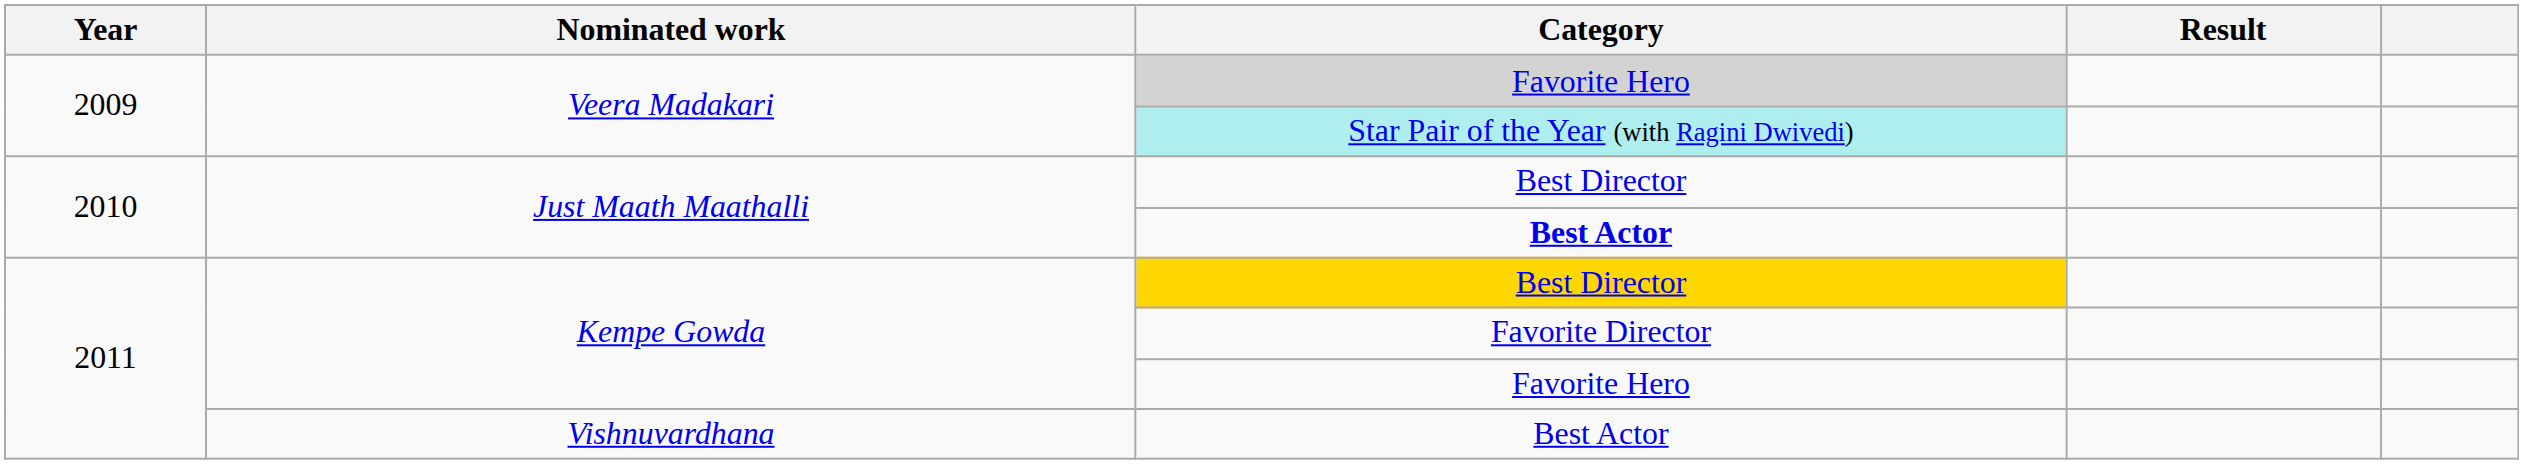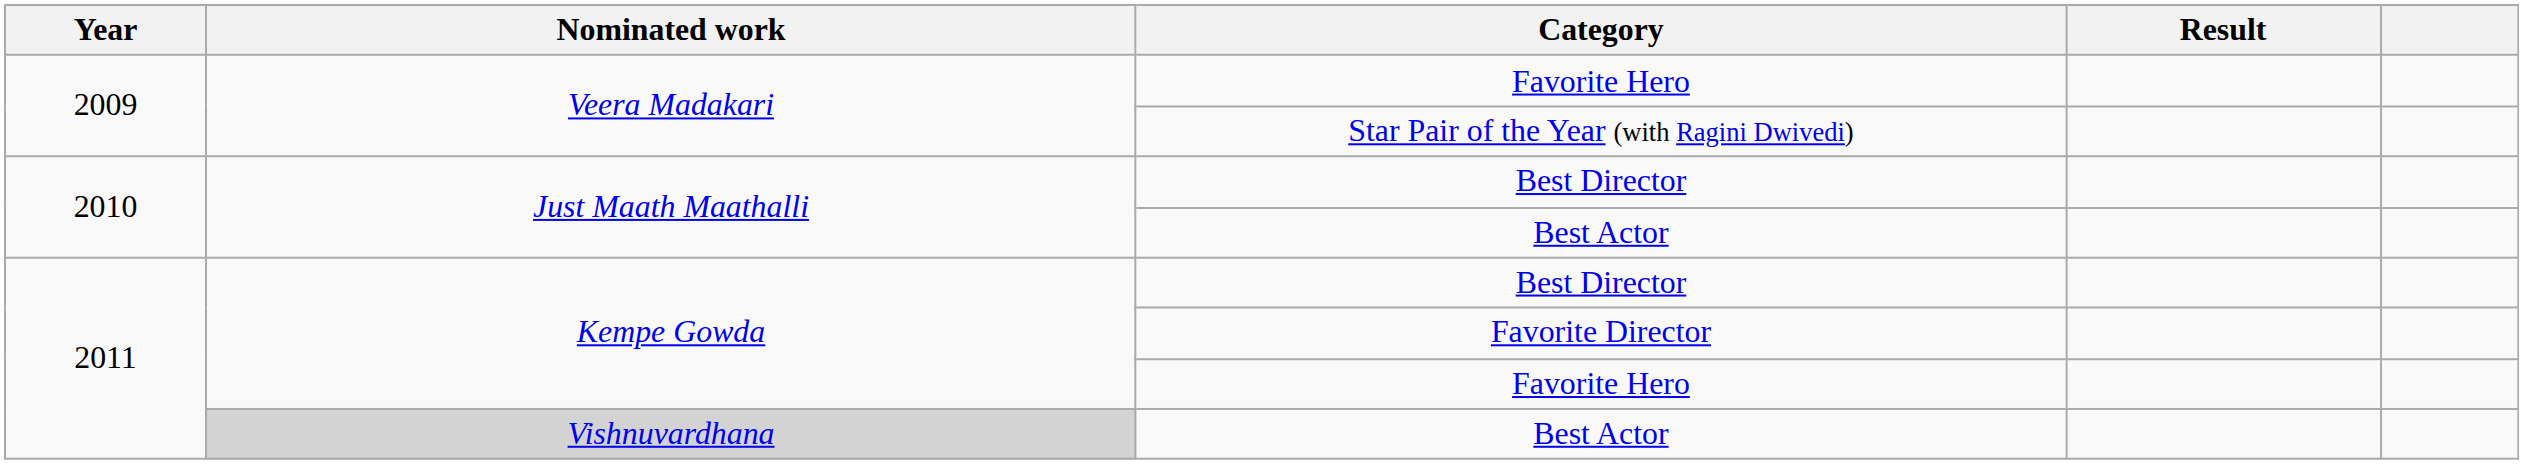 <table class="wikitable" width=100%>
 <tr>
 <th width=8%>Year</th>
 <th width=37%>Nominated work</th>
 <th width=37%>Category</th>
 <th width=12.5%>Result</th>
 <th width=5.5%></th>
 </tr>
 <tr>
 <td rowspan="2" style="text-align:center;">2009</td>
 <td rowspan="2" style="text-align: center;"><em><a href='#'>Veera Madakari</a></em></td>
-<td style="background: lightgrey; text-align: center;"><a href='#'>Favorite Hero</a></td>
+<td style="text-align: center;"><a href='#'>Favorite Hero</a></td>
 <td></td>
 <td style="text-align: center;"></td>
 </tr>
 <tr>
-<td style="background: paleturquoise; text-align: center;"><a href='#'>Star Pair of the Year</a> <small>(with <a href='#'>Ragini Dwivedi</a>)</small></td>
+<td style="text-align: center;"><a href='#'>Star Pair of the Year</a> <small>(with <a href='#'>Ragini Dwivedi</a>)</small></td>
 <td></td>
 <td style="text-align: center;"></td>
 </tr>
 <tr>
 <td rowspan="2" style="text-align:center;">2010</td>
 <td rowspan="2" style="text-align: center;"><em><a href='#'>Just Maath Maathalli</a></em></td>
 <td style="text-align: center;"><a href='#'>Best Director</a></td>
 <td></td>
 <td style="text-align: center;"></td>
 </tr>
 <tr>
-<td style="text-align: center;"><strong><a href='#'>Best Actor</a></strong></td>
+<td style="text-align: center;"><a href='#'>Best Actor</a></td>
 <td></td>
 <td style="text-align: center;"></td>
 </tr>
 <tr>
 <td rowspan="4" style="text-align:center;">2011</td>
 <td rowspan="3" style="text-align:center;"><em><a href='#'>Kempe Gowda</a></em></td>
-<td style="background: gold; text-align: center;"><a href='#'>Best Director</a></td>
+<td style="text-align: center;"><a href='#'>Best Director</a></td>
 <td></td>
 <td style="text-align: center;"></td>
 </tr>
 <tr>
 <td style="text-align: center;"><a href='#'>Favorite Director</a></td>
 <td></td>
 <td style="text-align: center;"></td>
 </tr>
 <tr>
 <td style="text-align: center;"><a href='#'>Favorite Hero</a></td>
 <td></td>
 <td style="text-align: center;"></td>
 </tr>
 <tr>
-<td style="text-align: center;"><em><a href='#'>Vishnuvardhana</a></em></td>
+<td style="background: lightgrey; text-align: center;"><em><a href='#'>Vishnuvardhana</a></em></td>
 <td style="text-align: center;"><a href='#'>Best Actor</a></td>
 <td></td>
 <td style="text-align: center;"></td>
 </tr>
 </table>
